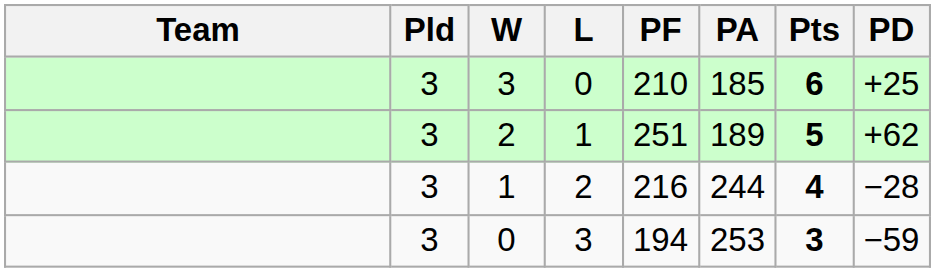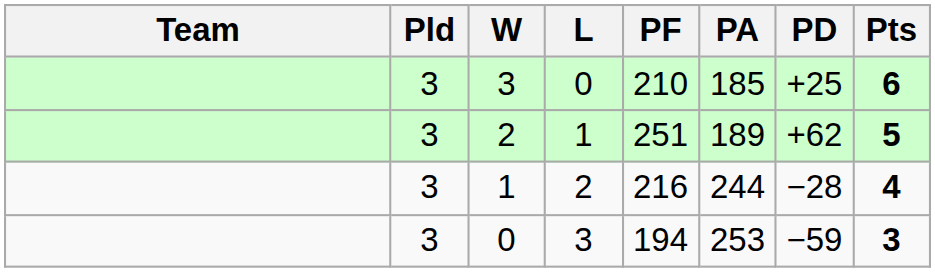 <table class=wikitable style="text-align:center">
 <tr>
 <th width=180>Team</th>
 <th width=30>Pld</th>
 <th width=30>W</th>
 <th width=30>L</th>
 <th width=30>PF</th>
 <th width=30>PA</th>
+<th width=30>PD</th>
 <th width=30>Pts</th>
-<th width=30>PD</th>
 </tr>
 <tr bgcolor="#ccffcc">
 <td align="left"></td>
 <td>3</td>
 <td>3</td>
 <td>0</td>
 <td>210</td>
 <td>185</td>
+<td>+25</td>
 <td><strong>6</strong></td>
-<td>+25</td>
 </tr>
 <tr bgcolor="#ccffcc">
 <td align="left"></td>
 <td>3</td>
 <td>2</td>
 <td>1</td>
 <td>251</td>
 <td>189</td>
+<td>+62</td>
 <td><strong>5</strong></td>
-<td>+62</td>
 </tr>
 <tr>
 <td align="left"></td>
 <td>3</td>
 <td>1</td>
 <td>2</td>
 <td>216</td>
 <td>244</td>
+<td>−28</td>
 <td><strong>4</strong></td>
-<td>−28</td>
 </tr>
 <tr>
 <td align="left"></td>
 <td>3</td>
 <td>0</td>
 <td>3</td>
 <td>194</td>
 <td>253</td>
+<td>−59</td>
 <td><strong>3</strong></td>
-<td>−59</td>
 </tr>
 </table>
